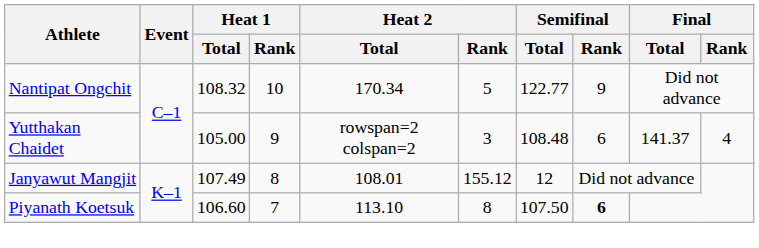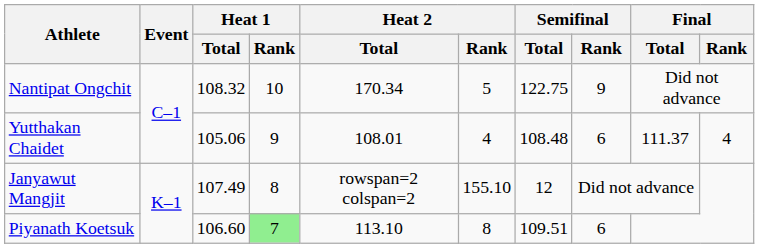 <table class=wikitable style="text-align:center; font-size:90%">
 <tr>
 <th rowspan="2">Athlete</th>
 <th rowspan="2">Event</th>
 <th colspan="2">Heat 1</th>
 <th colspan="2">Heat 2</th>
 <th colspan="2">Semifinal</th>
 <th colspan="2">Final</th>
 </tr>
 <tr>
 <th>Total</th>
 <th>Rank</th>
 <th>Total</th>
 <th>Rank</th>
 <th>Total</th>
 <th>Rank</th>
 <th>Total</th>
 <th>Rank</th>
 </tr>
 <tr>
 <td style="text-align:left"><a href='#'>Nantipat Ongchit</a></td>
 <td rowspan=2><a href='#'>C–1</a></td>
 <td>108.32</td>
 <td>10</td>
 <td>170.34</td>
 <td>5 <strong></strong></td>
-<td>122.77</td>
+<td>122.75</td>
 <td>9</td>
 <td colspan=2>Did not advance</td>
 </tr>
 <tr>
 <td style="text-align:left"><a href='#'>Yutthakan Chaidet</a></td>
-<td>105.00</td>
+<td>105.06</td>
 <td>9</td>
-<td>rowspan=2 colspan=2 </td>
-<td>3 <strong></strong></td>
+<td>108.01</td>
+<td>4 <strong></strong></td>
 <td>108.48</td>
 <td>6 <strong></strong></td>
-<td>141.37</td>
+<td>111.37</td>
 <td>4</td>
 </tr>
 <tr>
 <td style="text-align:left"><a href='#'>Janyawut Mangjit</a></td>
 <td rowspan=2><a href='#'>K–1</a></td>
 <td>107.49</td>
 <td>8 <strong></strong></td>
-<td>108.01</td>
-<td>155.12</td>
+<td>rowspan=2 colspan=2 </td>
+<td>155.10</td>
 <td>12</td>
 <td colspan=2>Did not advance</td>
 </tr>
 <tr>
 <td style="text-align:left"><a href='#'>Piyanath Koetsuk</a></td>
 <td>106.60</td>
-<td>7 <strong></strong></td>
+<td style="background: lightgreen;">7 <strong></strong></td>
 <td>113.10</td>
 <td>8 <strong></strong></td>
-<td>107.50</td>
-<td><strong>6</strong></td>
+<td>109.51</td>
+<td>6</td>
 </tr>
 </table>
